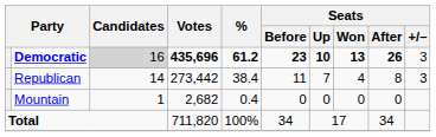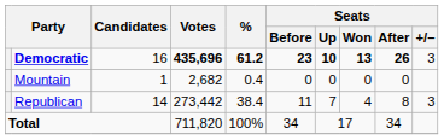 <table class="wikitable">
 <tr>
 <th rowspan="2" colspan="2">Party</th>
 <th rowspan="2">Candidates</th>
 <th rowspan="2">Votes</th>
 <th rowspan="2">%</th>
 <th colspan="5">Seats</th>
 </tr>
 <tr>
 <th>Before<br></th>
 <th>Up</th>
 <th>Won</th>
 <th>After<br></th>
 <th>+/–</th>
 </tr>
 <tr>
 <th style="background-color:"></th>
 <td><strong><a href='#'>Democratic</a></strong></td>
-<td align="right" style="background: lightgrey;">16</td>
+<td align="right">16</td>
 <td align="right"><strong>435,696</strong></td>
 <td align="right"><strong>61.2</strong></td>
 <td align="right"><strong>23</strong></td>
 <td align="right"><strong>10</strong></td>
 <td align="right"><strong>13</strong></td>
 <td align="right"><strong>26</strong></td>
-<td align="right"> 3</td>
-</tr>
-<tr>
-<th style="background-color:"></th>
-<td><a href='#'>Republican</a></td>
-<td align="right">14</td>
-<td align="right">273,442</td>
-<td align="right">38.4</td>
-<td align="right">11</td>
-<td align="right">7</td>
-<td align="right">4</td>
-<td align="right">8</td>
 <td align="right"> 3</td>
 </tr>
 <tr>
 <th style="background-color:"></th>
 <td><a href='#'>Mountain</a></td>
 <td align="right">1</td>
 <td align="right">2,682</td>
 <td align="right">0.4</td>
 <td align="right">0</td>
 <td align="right">0</td>
 <td align="right">0</td>
 <td align="right">0</td>
 <td align="right"></td>
 </tr>
 <tr>
+<th style="background-color:"></th>
+<td><a href='#'>Republican</a></td>
+<td align="right">14</td>
+<td align="right">273,442</td>
+<td align="right">38.4</td>
+<td align="right">11</td>
+<td align="right">7</td>
+<td align="right">4</td>
+<td align="right">8</td>
+<td align="right"> 3</td>
+</tr>
+<tr>
 <td colspan="3"><strong>Total</strong></td>
 <td align="right">711,820</td>
 <td align="right">100%</td>
 <td align="center">34</td>
 <td colspan="2" align="center">17</td>
 <td align="center">34</td>
 <td align="right"></td>
 </tr>
 <tr>
 </tr>
 </table>
